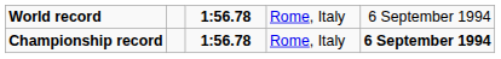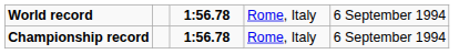 <table class="wikitable">
 <tr>
 <td><strong>World record</strong></td>
 <td style="padding-right:1em"></td>
 <td style="text-align:center;padding-left:1em; padding-right:1em;"><strong>1:56.78</strong></td>
 <td style="padding-right:1em"><a href='#'>Rome</a>, Italy</td>
 <td align=right>6 September 1994</td>
 </tr>
 <tr>
 <td><strong>Championship record</strong></td>
 <td style="padding-right:1em"></td>
 <td style="text-align:center;padding-left:1em; padding-right:1em;"><strong>1:56.78</strong></td>
 <td style="padding-right:1em"><a href='#'>Rome</a>, Italy</td>
-<td align=right><strong>6 September 1994</strong></td>
+<td align=right>6 September 1994</td>
 </tr>
 </table>
